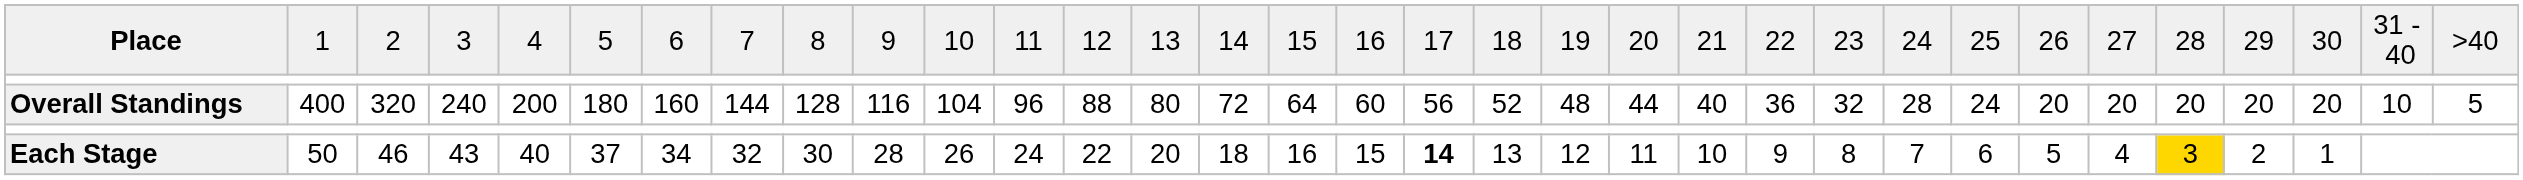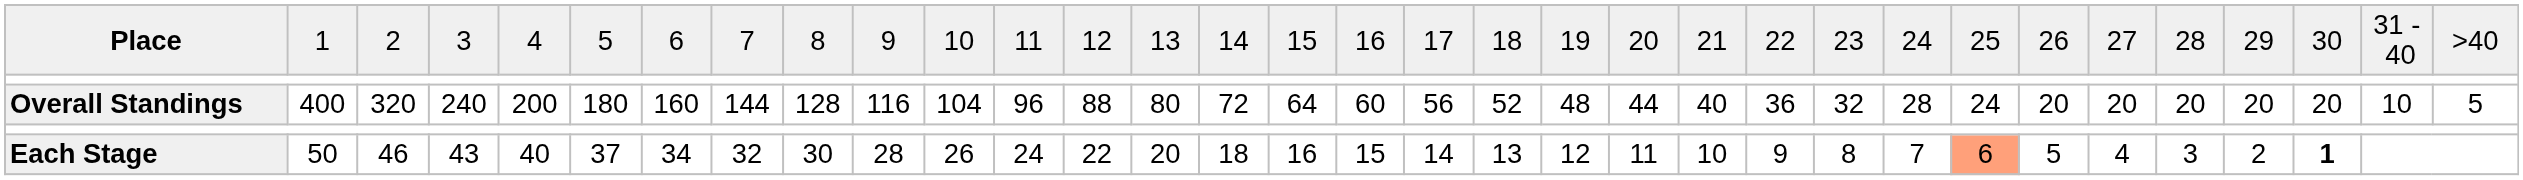 <table border="1" cellpadding="2" cellspacing="0" style="border:1px solid #C0C0C0; border-collapse:collapse; font-size:86%; margin-top:1em; text-align:center; width:1000">
 <tr bgcolor="#F0F0F0">
 <td width=150><strong>Place</strong></td>
 <td width=32>1</td>
 <td width=32>2</td>
 <td width=32>3</td>
 <td width=32>4</td>
 <td width=32>5</td>
 <td width=32>6</td>
 <td width=32>7</td>
 <td width=32>8</td>
 <td width=32>9</td>
 <td width=32>10</td>
 <td width=32>11</td>
 <td width=32>12</td>
 <td width=32>13</td>
 <td width=32>14</td>
 <td width=32>15</td>
 <td width=32>16</td>
 <td width=32>17</td>
 <td width=32>18</td>
 <td width=32>19</td>
 <td width=32>20</td>
 <td width=32>21</td>
 <td width=32>22</td>
 <td width=32>23</td>
 <td width=32>24</td>
 <td width=32>25</td>
 <td width=32>26</td>
 <td width=32>27</td>
 <td width=32>28</td>
 <td width=32>29</td>
 <td width=32>30</td>
 <td width=32>31 - 40</td>
 <td width=41>>40</td>
 </tr>
 <tr>
 <td colspan=33></td>
 </tr>
 <tr>
 <td bgcolor="#F0F0F0" align=left><strong>Overall Standings</strong></td>
 <td>400</td>
 <td>320</td>
 <td>240</td>
 <td>200</td>
 <td>180</td>
 <td>160</td>
 <td>144</td>
 <td>128</td>
 <td>116</td>
 <td>104</td>
 <td>96</td>
 <td>88</td>
 <td>80</td>
 <td>72</td>
 <td>64</td>
 <td>60</td>
 <td>56</td>
 <td>52</td>
 <td>48</td>
 <td>44</td>
 <td>40</td>
 <td>36</td>
 <td>32</td>
 <td>28</td>
 <td>24</td>
 <td>20</td>
 <td>20</td>
 <td>20</td>
 <td>20</td>
 <td>20</td>
 <td>10</td>
 <td>5</td>
 </tr>
 <tr>
 <td colspan=33></td>
 </tr>
 <tr>
 <td bgcolor="#F0F0F0" align=left><strong>Each Stage</strong></td>
 <td>50</td>
 <td>46</td>
 <td>43</td>
 <td>40</td>
 <td>37</td>
 <td>34</td>
 <td>32</td>
 <td>30</td>
 <td>28</td>
 <td>26</td>
 <td>24</td>
 <td>22</td>
 <td>20</td>
 <td>18</td>
 <td>16</td>
 <td>15</td>
-<td><strong>14</strong></td>
+<td>14</td>
 <td>13</td>
 <td>12</td>
 <td>11</td>
 <td>10</td>
 <td>9</td>
 <td>8</td>
 <td>7</td>
-<td>6</td>
+<td style="background: lightsalmon;">6</td>
 <td>5</td>
 <td>4</td>
-<td style="background: gold;">3</td>
+<td>3</td>
 <td>2</td>
-<td>1</td>
+<td><strong>1</strong></td>
 <td colspan=2></td>
 </tr>
 </table>
